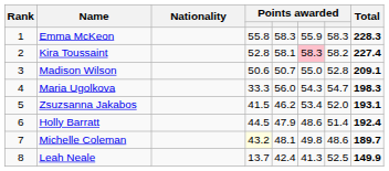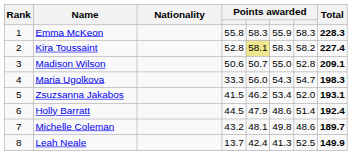 <table class="wikitable" style="text-align:center;">
 <tr>
 <th rowspan=2>Rank</th>
 <th rowspan=2 width=160>Name</th>
 <th rowspan=2 width=130>Nationality</th>
 <th colspan=4>Points awarded</th>
 <th rowspan=2>Total</th>
 </tr>
 <tr>
 <th></th>
 <th></th>
 <th></th>
 <th></th>
 </tr>
 <tr>
 <td>1</td>
 <td align=left><a href='#'>Emma McKeon</a></td>
 <td align=left></td>
 <td>55.8</td>
 <td>58.3</td>
 <td>55.9</td>
 <td>58.3</td>
 <td><strong>228.3</strong></td>
 </tr>
 <tr>
 <td>2</td>
 <td align=left><a href='#'>Kira Toussaint</a></td>
 <td align=left></td>
 <td>52.8</td>
-<td>58.1</td>
-<td style="background: pink;">58.3</td>
+<td style="background: khaki;">58.1</td>
+<td>58.3</td>
 <td>58.2</td>
 <td><strong>227.4</strong></td>
 </tr>
 <tr>
 <td>3</td>
 <td align=left><a href='#'>Madison Wilson</a></td>
 <td align=left></td>
 <td>50.6</td>
 <td>50.7</td>
 <td>55.0</td>
 <td>52.8</td>
 <td><strong>209.1</strong></td>
 </tr>
 <tr>
 <td>4</td>
 <td align=left><a href='#'>Maria Ugolkova</a></td>
 <td align=left></td>
 <td>33.3</td>
 <td>56.0</td>
 <td>54.3</td>
 <td>54.7</td>
 <td><strong>198.3</strong></td>
 </tr>
 <tr>
 <td>5</td>
 <td align=left><a href='#'>Zsuzsanna Jakabos</a></td>
 <td align=left></td>
 <td>41.5</td>
 <td>46.2</td>
 <td>53.4</td>
 <td>52.0</td>
 <td><strong>193.1</strong></td>
 </tr>
 <tr>
 <td>6</td>
 <td align=left><a href='#'>Holly Barratt</a></td>
 <td align=left></td>
 <td>44.5</td>
 <td>47.9</td>
 <td>48.6</td>
 <td>51.4</td>
 <td><strong>192.4</strong></td>
 </tr>
 <tr>
 <td>7</td>
 <td align=left><a href='#'>Michelle Coleman</a></td>
 <td align=left></td>
-<td style="background: lightyellow;">43.2</td>
+<td>43.2</td>
 <td>48.1</td>
 <td>49.8</td>
 <td>48.6</td>
 <td><strong>189.7</strong></td>
 </tr>
 <tr>
 <td>8</td>
 <td align=left><a href='#'>Leah Neale</a></td>
 <td align=left></td>
 <td>13.7</td>
 <td>42.4</td>
 <td>41.3</td>
 <td>52.5</td>
 <td><strong>149.9</strong></td>
 </tr>
 </table>
